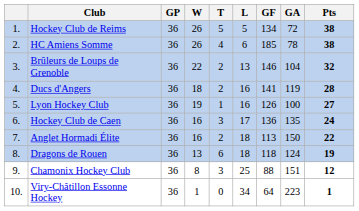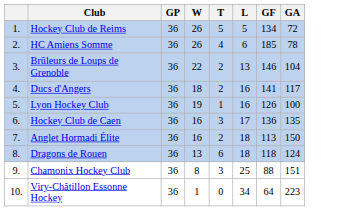 <table class="wikitable">
 <tr>
 <th width="30"></th>
 <th width="200">Club</th>
 <th width="30">GP</th>
 <th width="30">W</th>
 <th width="30">T</th>
 <th width="30">L</th>
 <th width="30">GF</th>
 <th width="30">GA</th>
-<th width="70">Pts</th>
 </tr>
 <tr bgcolor="#BCD2EE" align="center">
 <td>1.</td>
 <td align="left"><a href='#'>Hockey Club de Reims</a></td>
 <td>36</td>
 <td>26</td>
 <td>5</td>
 <td>5</td>
 <td>134</td>
 <td>72</td>
-<td><strong>38</strong></td>
 </tr>
 <tr bgcolor="#BCD2EE" align="center">
 <td>2.</td>
 <td align="left"><a href='#'>HC Amiens Somme</a></td>
 <td>36</td>
 <td>26</td>
 <td>4</td>
 <td>6</td>
 <td>185</td>
 <td>78</td>
-<td><strong>38</strong></td>
 </tr>
 <tr bgcolor="#BCD2EE" align="center">
 <td>3.</td>
 <td align="left"><a href='#'>Brûleurs de Loups de Grenoble</a></td>
 <td>36</td>
 <td>22</td>
 <td>2</td>
 <td>13</td>
 <td>146</td>
 <td>104</td>
-<td><strong>32</strong></td>
 </tr>
 <tr bgcolor="#BCD2EE" align="center">
 <td>4.</td>
 <td align="left"><a href='#'>Ducs d'Angers</a></td>
 <td>36</td>
 <td>18</td>
 <td>2</td>
 <td>16</td>
 <td>141</td>
-<td>119</td>
-<td><strong>28</strong></td>
+<td>117</td>
 </tr>
 <tr bgcolor="#BCD2EE" align="center">
 <td>5.</td>
 <td align="left"><a href='#'>Lyon Hockey Club</a></td>
 <td>36</td>
 <td>19</td>
 <td>1</td>
 <td>16</td>
 <td>126</td>
 <td>100</td>
-<td><strong>27</strong></td>
 </tr>
 <tr bgcolor="#BCD2EE" align="center">
 <td>6.</td>
 <td align="left"><a href='#'>Hockey Club de Caen</a></td>
 <td>36</td>
 <td>16</td>
 <td>3</td>
 <td>17</td>
 <td>136</td>
 <td>135</td>
-<td><strong>24</strong></td>
 </tr>
 <tr bgcolor="#BCD2EE" align="center">
 <td>7.</td>
 <td align="left"><a href='#'>Anglet Hormadi Élite</a></td>
 <td>36</td>
 <td>16</td>
 <td>2</td>
 <td>18</td>
 <td>113</td>
 <td>150</td>
-<td><strong>22</strong></td>
 </tr>
 <tr bgcolor="#BCD2EE" align="center">
 <td>8.</td>
 <td align="left"><a href='#'>Dragons de Rouen</a></td>
 <td>36</td>
 <td>13</td>
 <td>6</td>
 <td>18</td>
 <td>118</td>
 <td>124</td>
-<td><strong>19</strong></td>
 </tr>
 <tr bgcolor="#FFFFFF" align="center">
 <td>9.</td>
 <td align="left"><a href='#'>Chamonix Hockey Club</a></td>
 <td>36</td>
 <td>8</td>
 <td>3</td>
 <td>25</td>
 <td>88</td>
 <td>151</td>
-<td><strong>12</strong></td>
 </tr>
 <tr bgcolor="#FFFFFF" align="center">
 <td>10.</td>
 <td align="left"><a href='#'>Viry-Châtillon Essonne Hockey&lrm;</a></td>
 <td>36</td>
 <td>1</td>
 <td>0</td>
 <td>34</td>
 <td>64</td>
 <td>223</td>
-<td><strong>1</strong></td>
 </tr>
 </table>
